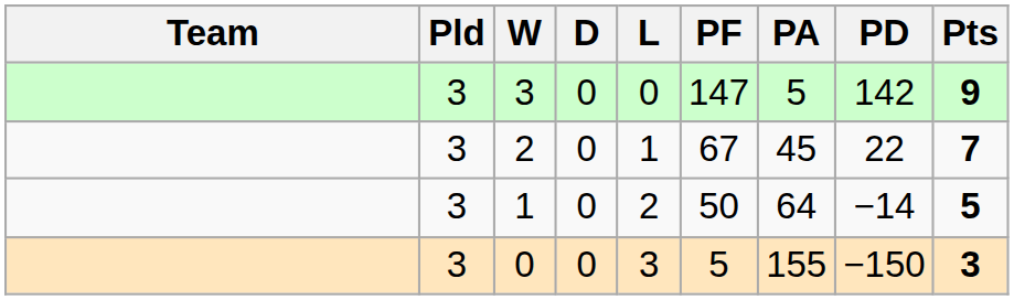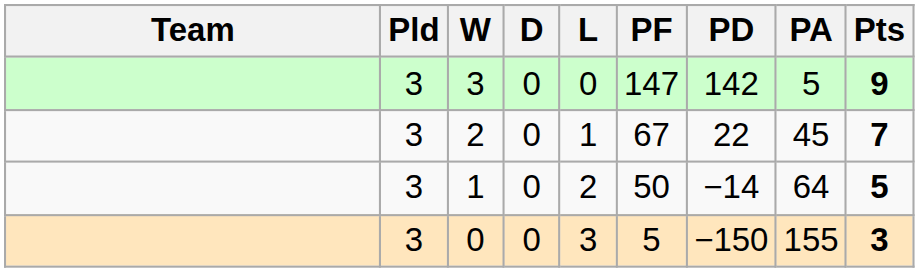 <table class="wikitable" style="text-align:center;">
 <tr>
 <th width=175>Team</th>
 <th width=20 abbr="Played">Pld</th>
 <th width=20 abbr="Won">W</th>
 <th width=20 abbr="Drawn">D</th>
 <th width=20 abbr="Lost">L</th>
 <th width=20 abbr="Points for">PF</th>
+<th width=30 abbr="Points difference">PD</th>
 <th width=20 abbr="Points against">PA</th>
-<th width=30 abbr="Points difference">PD</th>
 <th width=20 abbr="Points">Pts</th>
 </tr>
 <tr bgcolor=ccffcc>
 <td align=left></td>
 <td>3</td>
 <td>3</td>
 <td>0</td>
 <td>0</td>
 <td>147</td>
+<td>142</td>
 <td>5</td>
-<td>142</td>
 <td><strong> 9 </strong></td>
 </tr>
 <tr>
 <td align=left></td>
 <td>3</td>
 <td>2</td>
 <td>0</td>
 <td>1</td>
 <td>67</td>
+<td>22</td>
 <td>45</td>
-<td>22</td>
 <td><strong> 7 </strong></td>
 </tr>
 <tr>
 <td align=left></td>
 <td>3</td>
 <td>1</td>
 <td>0</td>
 <td>2</td>
 <td>50</td>
+<td>−14</td>
 <td>64</td>
-<td>−14</td>
 <td><strong> 5 </strong></td>
 </tr>
 <tr bgcolor=ffe6bd>
 <td align=left></td>
 <td>3</td>
 <td>0</td>
 <td>0</td>
 <td>3</td>
 <td>5</td>
+<td>−150</td>
 <td>155</td>
-<td>−150</td>
 <td><strong> 3 </strong></td>
 </tr>
 </table>
